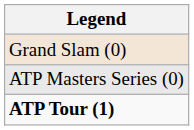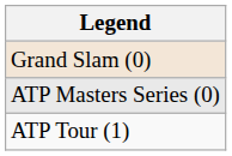 <table class="wikitable sortable mw-collapsible mw-collapsed">
 <tr>
 <th>Legend</th>
 </tr>
 <tr style="background:#f3e6d7;">
 <td>Grand Slam (0)</td>
 </tr>
 <tr style="background:#e9e9e9;">
 <td>ATP Masters Series (0)</td>
 </tr>
 <tr>
-<td><strong>ATP Tour (1)</strong></td>
+<td>ATP Tour (1)</td>
 </tr>
 </table>
